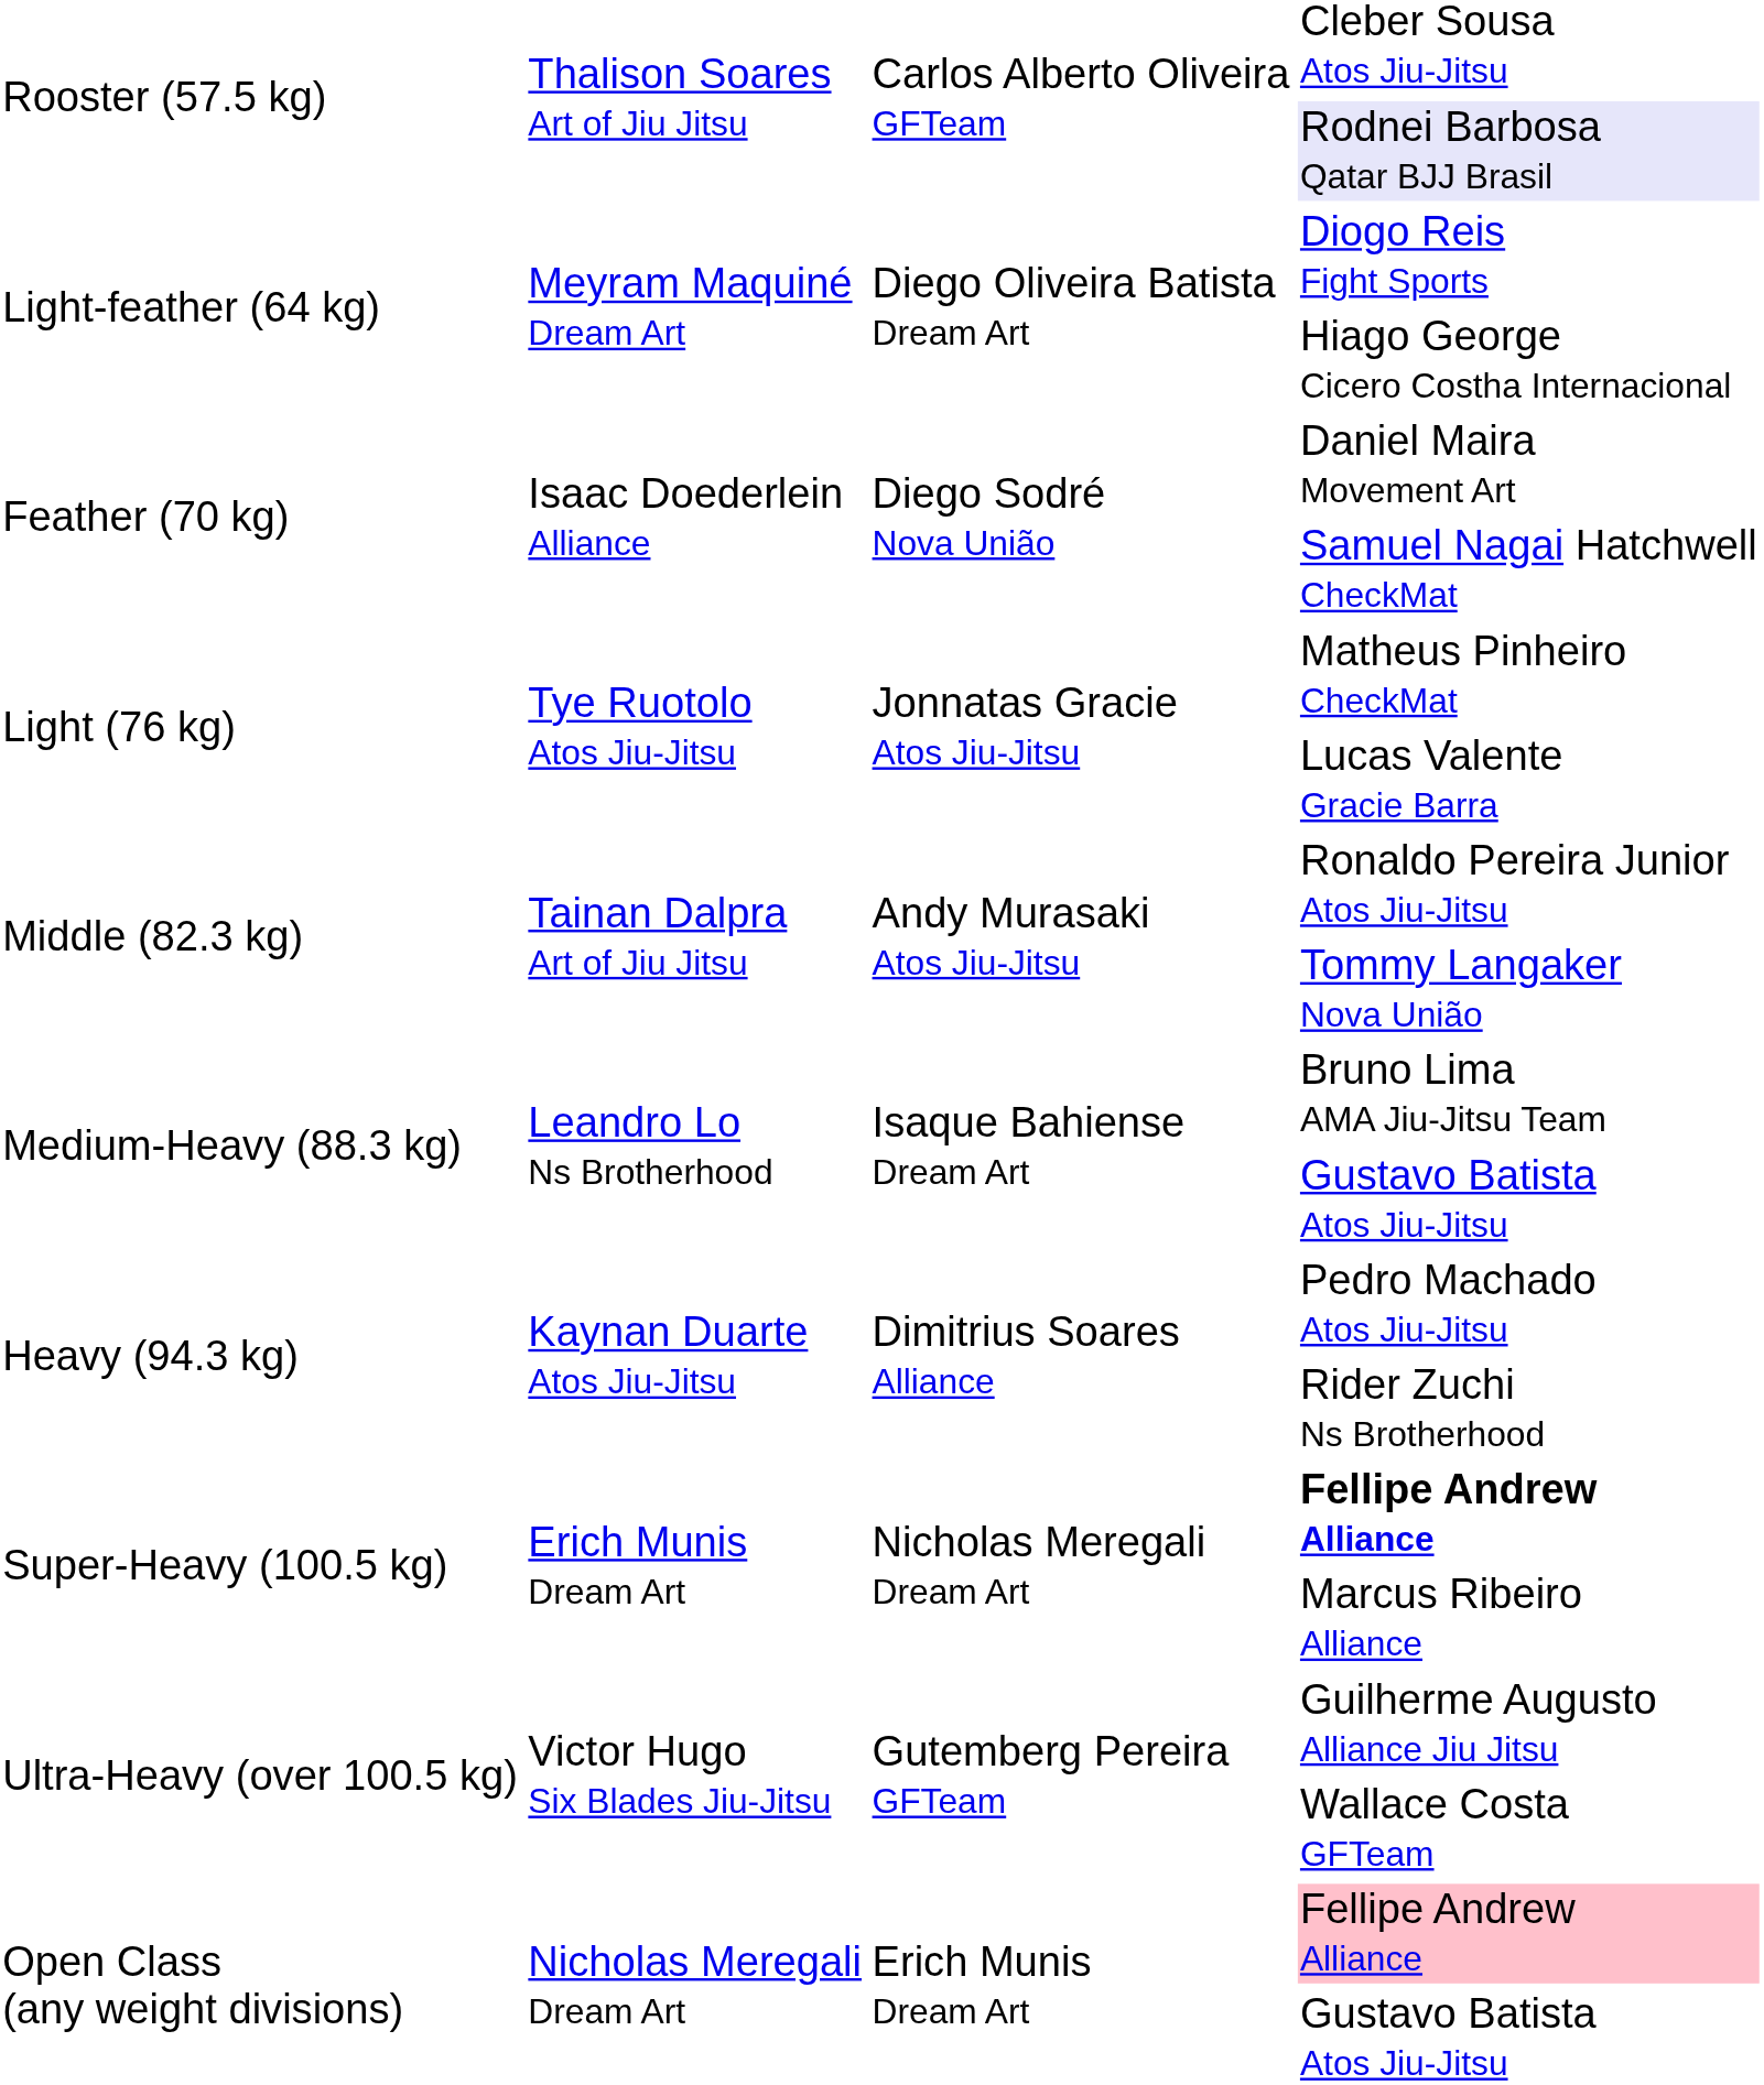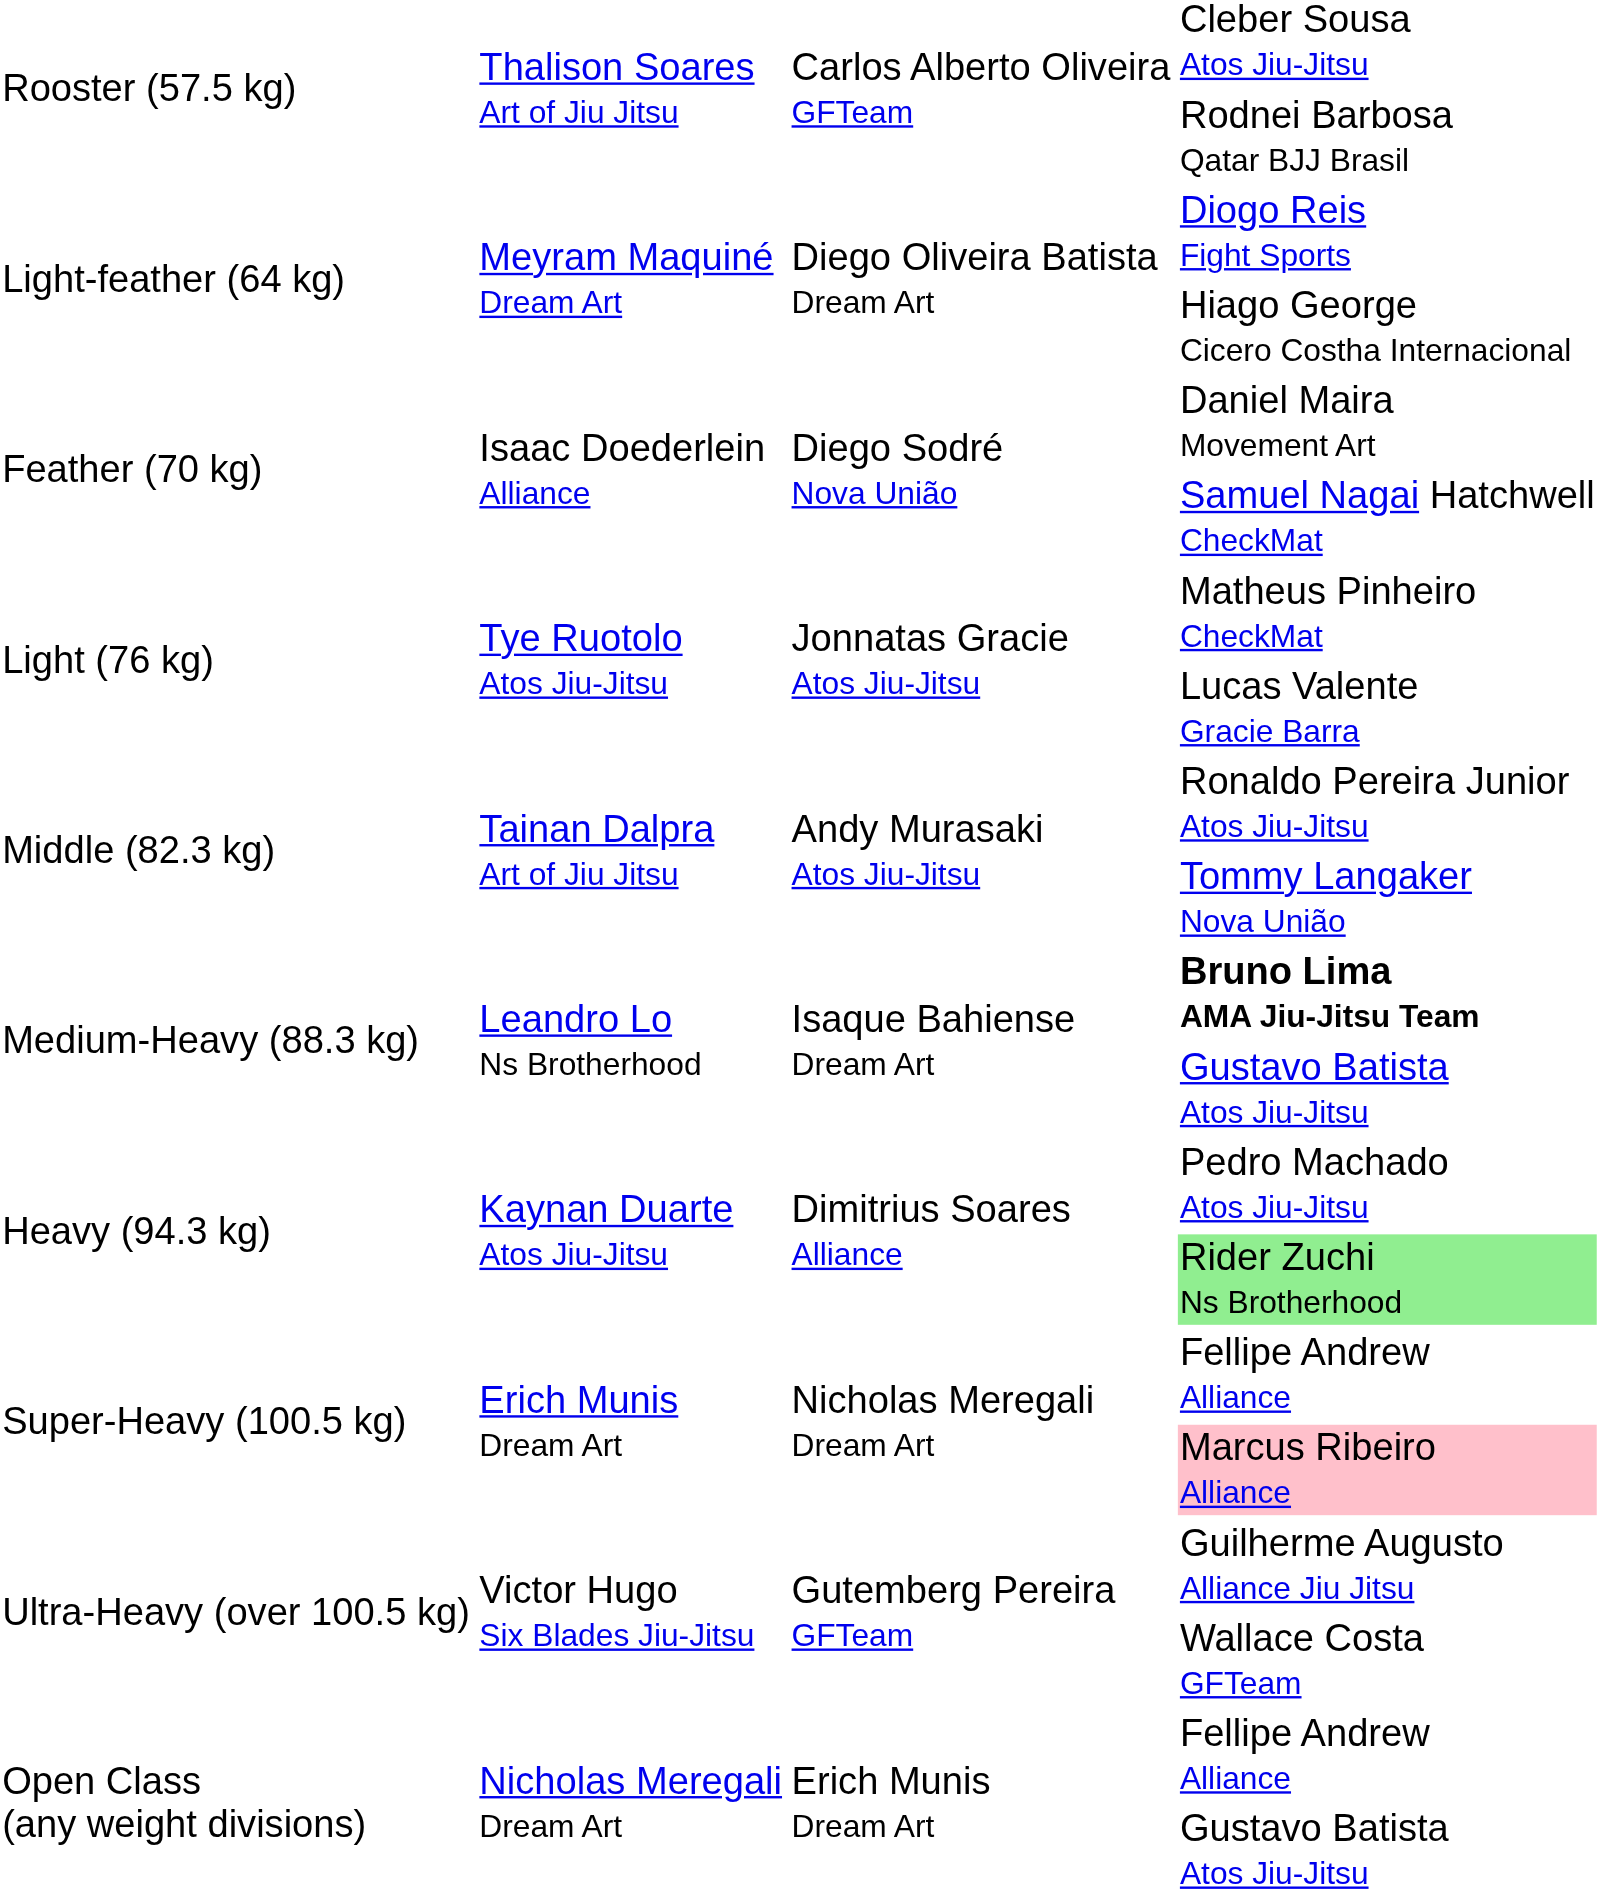 <table>
 <tr>
 <td rowspan=2>Rooster (57.5 kg)</td>
 <td rowspan=2> <a href='#'>Thalison Soares</a><br><small><a href='#'>Art of Jiu Jitsu</a></small></td>
 <td rowspan=2> Carlos Alberto Oliveira<br><small><a href='#'>GFTeam</a></small></td>
 <td> Cleber Sousa<br><small><a href='#'>Atos Jiu-Jitsu</a></small></td>
 </tr>
 <tr>
-<td style="background: lavender;"> Rodnei Barbosa<br><small>Qatar BJJ Brasil</small></td>
+<td> Rodnei Barbosa<br><small>Qatar BJJ Brasil</small></td>
 </tr>
 <tr>
 <td rowspan=2>Light-feather (64 kg)</td>
 <td rowspan=2> <a href='#'>Meyram Maquiné</a><br><small><a href='#'>Dream Art</a></small></td>
 <td rowspan=2> Diego Oliveira Batista<br><small>Dream Art</small></td>
 <td><a href='#'>Diogo Reis</a><br><small><a href='#'>Fight Sports</a></small></td>
 </tr>
 <tr>
 <td> Hiago George<br><small>Cicero Costha Internacional</small></td>
 </tr>
 <tr>
 <td rowspan=2>Feather (70 kg)</td>
 <td rowspan=2> Isaac Doederlein<br><small><a href='#'>Alliance</a></small></td>
 <td rowspan=2> Diego Sodré<br><small><a href='#'>Nova União</a></small></td>
 <td> Daniel Maira<br><small>Movement Art</small></td>
 </tr>
 <tr>
 <td> <a href='#'>Samuel Nagai</a> Hatchwell<br><small><a href='#'>CheckMat</a></small></td>
 </tr>
 <tr>
 <td rowspan=2>Light (76 kg)</td>
 <td rowspan=2> <a href='#'>Tye Ruotolo</a><br><small><a href='#'>Atos Jiu-Jitsu</a></small></td>
 <td rowspan=2> Jonnatas Gracie<br><small><a href='#'>Atos Jiu-Jitsu</a></small></td>
 <td> Matheus Pinheiro <br><small><a href='#'>CheckMat</a></small></td>
 </tr>
 <tr>
 <td> Lucas Valente <br><small><a href='#'>Gracie Barra</a></small></td>
 </tr>
 <tr>
 <td rowspan=2>Middle (82.3 kg)</td>
 <td rowspan=2> <a href='#'>Tainan Dalpra</a><br><small><a href='#'>Art of Jiu Jitsu</a></small></td>
 <td rowspan=2> Andy Murasaki<br><small><a href='#'>Atos Jiu-Jitsu</a></small></td>
 <td> Ronaldo Pereira Junior<br><small><a href='#'>Atos Jiu-Jitsu</a></small></td>
 </tr>
 <tr>
 <td> <a href='#'>Tommy Langaker</a><br><small><a href='#'>Nova União</a></small></td>
 </tr>
 <tr>
 <td rowspan=2>Medium-Heavy (88.3 kg)</td>
 <td rowspan=2> <a href='#'>Leandro Lo</a><br><small>Ns Brotherhood</small></td>
 <td rowspan=2> Isaque Bahiense<br><small>Dream Art</small></td>
-<td> Bruno Lima<br><small>AMA Jiu-Jitsu Team</small></td>
+<td><strong> Bruno Lima<br><small>AMA Jiu-Jitsu Team</small></strong></td>
 </tr>
 <tr>
 <td> <a href='#'>Gustavo Batista</a><br><small><a href='#'>Atos Jiu-Jitsu</a></small></td>
 </tr>
 <tr>
 <td rowspan=2>Heavy (94.3 kg)</td>
 <td rowspan=2> <a href='#'>Kaynan Duarte</a><br><small><a href='#'>Atos Jiu-Jitsu</a></small></td>
 <td rowspan=2> Dimitrius Soares<br><small><a href='#'>Alliance</a></small></td>
 <td> Pedro Machado<br><small><a href='#'>Atos Jiu-Jitsu</a></small></td>
 </tr>
 <tr>
-<td> Rider Zuchi<br><small>Ns Brotherhood</small></td>
+<td style="background: lightgreen;"> Rider Zuchi<br><small>Ns Brotherhood</small></td>
 </tr>
 <tr>
 <td rowspan=2>Super-Heavy (100.5 kg)</td>
 <td rowspan=2> <a href='#'>Erich Munis</a><br><small>Dream Art</small></td>
 <td rowspan=2> Nicholas Meregali<br><small>Dream Art</small></td>
-<td><strong> Fellipe Andrew<br><small><a href='#'>Alliance</a></small></strong></td>
+<td> Fellipe Andrew<br><small><a href='#'>Alliance</a></small></td>
 </tr>
 <tr>
-<td> Marcus Ribeiro<br><small><a href='#'>Alliance</a></small></td>
+<td style="background: pink;"> Marcus Ribeiro<br><small><a href='#'>Alliance</a></small></td>
 </tr>
 <tr>
 <td rowspan=2>Ultra-Heavy (over 100.5 kg)</td>
 <td rowspan=2> Victor Hugo<br><small><a href='#'>Six Blades Jiu-Jitsu</a></small></td>
 <td rowspan=2> Gutemberg Pereira<br><small><a href='#'>GFTeam</a></small></td>
 <td> Guilherme Augusto<br><small><a href='#'>Alliance Jiu Jitsu</a></small></td>
 </tr>
 <tr>
 <td>Wallace Costa<br><small><a href='#'>GFTeam</a></small></td>
 </tr>
 <tr>
 <td rowspan=2>Open Class<br>(any weight divisions)</td>
 <td rowspan=2> <a href='#'>Nicholas Meregali</a><br><small>Dream Art</small></td>
 <td rowspan=2> Erich Munis<br><small>Dream Art</small></td>
-<td style="background: pink;"> Fellipe Andrew<br><small><a href='#'>Alliance</a></small></td>
+<td> Fellipe Andrew<br><small><a href='#'>Alliance</a></small></td>
 </tr>
 <tr>
 <td> Gustavo Batista<br><small><a href='#'>Atos Jiu-Jitsu</a></small></td>
 </tr>
 <tr>
 </tr>
 <tr>
 </tr>
 </table>
